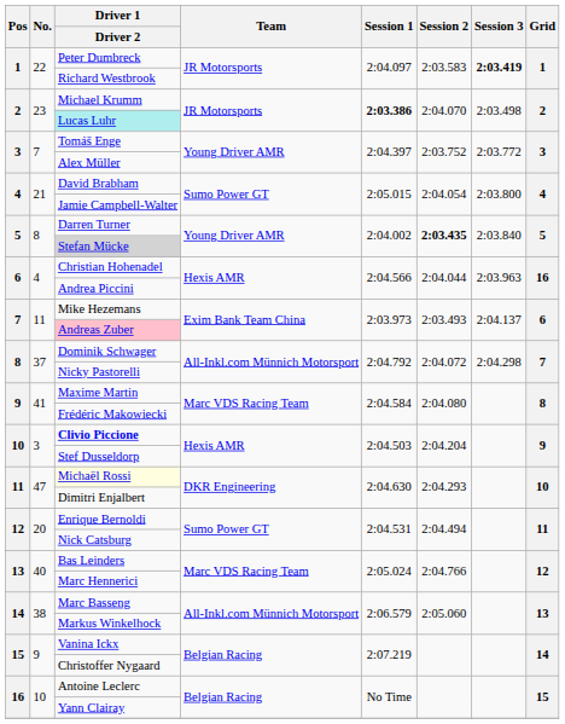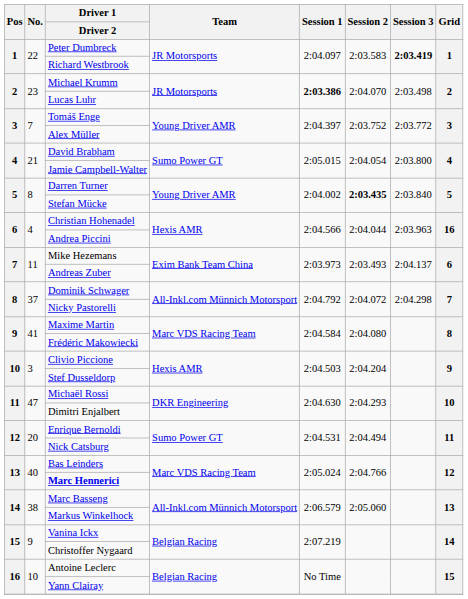 <table class="wikitable" style="font-size: 90%;">
 <tr>
 <th rowspan=2>Pos</th>
 <th rowspan=2>No.</th>
 <th>Driver 1</th>
 <th rowspan=2>Team</th>
 <th rowspan=2>Session 1</th>
 <th rowspan=2>Session 2</th>
 <th rowspan=2>Session 3</th>
 <th rowspan=2>Grid</th>
 </tr>
 <tr>
 <th>Driver 2</th>
 </tr>
 <tr>
 <th rowspan=2>1</th>
 <td rowspan=2>22</td>
 <td> <a href='#'>Peter Dumbreck</a></td>
 <td rowspan=2> <a href='#'>JR Motorsports</a></td>
 <td rowspan=2 align="center">2:04.097</td>
 <td rowspan=2 align="center">2:03.583</td>
 <td rowspan=2 align="center"><strong>2:03.419</strong></td>
 <th rowspan=2>1</th>
 </tr>
 <tr>
 <td> <a href='#'>Richard Westbrook</a></td>
 </tr>
 <tr>
 <th rowspan=2>2</th>
 <td rowspan=2>23</td>
 <td> <a href='#'>Michael Krumm</a></td>
 <td rowspan=2> <a href='#'>JR Motorsports</a></td>
 <td rowspan=2 align="center"><strong>2:03.386</strong></td>
 <td rowspan=2 align="center">2:04.070</td>
 <td rowspan=2 align="center">2:03.498</td>
 <th rowspan=2>2</th>
 </tr>
 <tr>
-<td style="background: paleturquoise;"> <a href='#'>Lucas Luhr</a></td>
+<td> <a href='#'>Lucas Luhr</a></td>
 </tr>
 <tr>
 <th rowspan=2>3</th>
 <td rowspan=2>7</td>
 <td> <a href='#'>Tomáš Enge</a></td>
 <td rowspan=2> <a href='#'>Young Driver AMR</a></td>
 <td rowspan=2 align="center">2:04.397</td>
 <td rowspan=2 align="center">2:03.752</td>
 <td rowspan=2 align="center">2:03.772</td>
 <th rowspan=2>3</th>
 </tr>
 <tr>
 <td> <a href='#'>Alex Müller</a></td>
 </tr>
 <tr>
 <th rowspan=2>4</th>
 <td rowspan=2>21</td>
 <td> <a href='#'>David Brabham</a></td>
 <td rowspan=2> <a href='#'>Sumo Power GT</a></td>
 <td rowspan=2 align="center">2:05.015</td>
 <td rowspan=2 align="center">2:04.054</td>
 <td rowspan=2 align="center">2:03.800</td>
 <th rowspan=2>4</th>
 </tr>
 <tr>
 <td> <a href='#'>Jamie Campbell-Walter</a></td>
 </tr>
 <tr>
 <th rowspan=2>5</th>
 <td rowspan=2>8</td>
 <td> <a href='#'>Darren Turner</a></td>
 <td rowspan=2> <a href='#'>Young Driver AMR</a></td>
 <td rowspan=2 align="center">2:04.002</td>
 <td rowspan=2 align="center"><strong>2:03.435</strong></td>
 <td rowspan=2 align="center">2:03.840</td>
 <th rowspan=2>5</th>
 </tr>
 <tr>
-<td style="background: lightgrey;"> <a href='#'>Stefan Mücke</a></td>
+<td> <a href='#'>Stefan Mücke</a></td>
 </tr>
 <tr>
 <th rowspan=2>6</th>
 <td rowspan=2>4</td>
 <td> <a href='#'>Christian Hohenadel</a></td>
 <td rowspan=2> <a href='#'>Hexis AMR</a></td>
 <td rowspan=2 align="center">2:04.566</td>
 <td rowspan=2 align="center">2:04.044</td>
 <td rowspan=2 align="center">2:03.963</td>
 <th rowspan=2>16</th>
 </tr>
 <tr>
 <td> <a href='#'>Andrea Piccini</a></td>
 </tr>
 <tr>
 <th rowspan=2>7</th>
 <td rowspan=2>11</td>
 <td> Mike Hezemans</td>
 <td rowspan=2> <a href='#'>Exim Bank Team China</a></td>
 <td rowspan=2 align="center">2:03.973</td>
 <td rowspan=2 align="center">2:03.493</td>
 <td rowspan=2 align="center">2:04.137</td>
 <th rowspan=2>6</th>
 </tr>
 <tr>
-<td style="background: pink;"> <a href='#'>Andreas Zuber</a></td>
+<td> <a href='#'>Andreas Zuber</a></td>
 </tr>
 <tr>
 <th rowspan=2>8</th>
 <td rowspan=2>37</td>
 <td> <a href='#'>Dominik Schwager</a></td>
 <td rowspan=2> <a href='#'>All-Inkl.com Münnich Motorsport</a></td>
 <td rowspan=2 align="center">2:04.792</td>
 <td rowspan=2 align="center">2:04.072</td>
 <td rowspan=2 align="center">2:04.298</td>
 <th rowspan=2>7</th>
 </tr>
 <tr>
 <td> <a href='#'>Nicky Pastorelli</a></td>
 </tr>
 <tr>
 <th rowspan=2>9</th>
 <td rowspan=2>41</td>
 <td> <a href='#'>Maxime Martin</a></td>
 <td rowspan=2> <a href='#'>Marc VDS Racing Team</a></td>
 <td rowspan=2 align="center">2:04.584</td>
 <td rowspan=2 align="center">2:04.080</td>
 <td rowspan=2 align="center"></td>
 <th rowspan=2>8</th>
 </tr>
 <tr>
 <td> <a href='#'>Frédéric Makowiecki</a></td>
 </tr>
 <tr>
 <th rowspan=2>10</th>
 <td rowspan=2>3</td>
-<td><strong> <a href='#'>Clivio Piccione</a></strong></td>
+<td> <a href='#'>Clivio Piccione</a></td>
 <td rowspan=2> <a href='#'>Hexis AMR</a></td>
 <td rowspan=2 align="center">2:04.503</td>
 <td rowspan=2 align="center">2:04.204</td>
 <td rowspan=2 align="center"></td>
 <th rowspan=2>9</th>
 </tr>
 <tr>
 <td> <a href='#'>Stef Dusseldorp</a></td>
 </tr>
 <tr>
 <th rowspan=2>11</th>
 <td rowspan=2>47</td>
-<td style="background: lightyellow;"> <a href='#'>Michaël Rossi</a></td>
+<td> <a href='#'>Michaël Rossi</a></td>
 <td rowspan=2> <a href='#'>DKR Engineering</a></td>
 <td rowspan=2 align="center">2:04.630</td>
 <td rowspan=2 align="center">2:04.293</td>
 <td rowspan=2 align="center"></td>
 <th rowspan=2>10</th>
 </tr>
 <tr>
 <td> Dimitri Enjalbert</td>
 </tr>
 <tr>
 <th rowspan=2>12</th>
 <td rowspan=2>20</td>
 <td> <a href='#'>Enrique Bernoldi</a></td>
 <td rowspan=2> <a href='#'>Sumo Power GT</a></td>
 <td rowspan=2 align="center">2:04.531</td>
 <td rowspan=2 align="center">2:04.494</td>
 <td rowspan=2 align="center"></td>
 <th rowspan=2>11</th>
 </tr>
 <tr>
 <td> <a href='#'>Nick Catsburg</a></td>
 </tr>
 <tr>
 <th rowspan=2>13</th>
 <td rowspan=2>40</td>
 <td> <a href='#'>Bas Leinders</a></td>
 <td rowspan=2> <a href='#'>Marc VDS Racing Team</a></td>
 <td rowspan=2 align="center">2:05.024</td>
 <td rowspan=2 align="center">2:04.766</td>
 <td rowspan=2 align="center"></td>
 <th rowspan=2>12</th>
 </tr>
 <tr>
-<td> <a href='#'>Marc Hennerici</a></td>
+<td><strong> <a href='#'>Marc Hennerici</a></strong></td>
 </tr>
 <tr>
 <th rowspan=2>14</th>
 <td rowspan=2>38</td>
 <td> <a href='#'>Marc Basseng</a></td>
 <td rowspan=2> <a href='#'>All-Inkl.com Münnich Motorsport</a></td>
 <td rowspan=2 align="center">2:06.579</td>
 <td rowspan=2 align="center">2:05.060</td>
 <td rowspan=2 align="center"></td>
 <th rowspan=2>13</th>
 </tr>
 <tr>
 <td> <a href='#'>Markus Winkelhock</a></td>
 </tr>
 <tr>
 <th rowspan=2>15</th>
 <td rowspan=2>9</td>
 <td> <a href='#'>Vanina Ickx</a></td>
 <td rowspan=2> <a href='#'>Belgian Racing</a></td>
 <td rowspan=2 align="center">2:07.219</td>
 <td rowspan=2 align="center"></td>
 <td rowspan=2 align="center"></td>
 <th rowspan=2>14</th>
 </tr>
 <tr>
 <td> Christoffer Nygaard</td>
 </tr>
 <tr>
 <th rowspan=2>16</th>
 <td rowspan=2>10</td>
 <td> Antoine Leclerc</td>
 <td rowspan=2> <a href='#'>Belgian Racing</a></td>
 <td rowspan=2 align="center">No Time</td>
 <td rowspan=2 align="center"></td>
 <td rowspan=2 align="center"></td>
 <th rowspan=2>15</th>
 </tr>
 <tr>
 <td> <a href='#'>Yann Clairay</a></td>
 </tr>
 <tr>
 </tr>
 </table>
